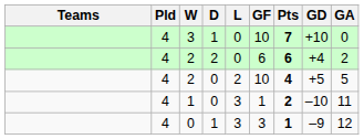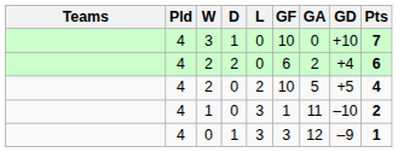 <table class="wikitable" style="text-align: center;">
 <tr>
 <th width=165>Teams</th>
 <th width=20>Pld</th>
 <th width=20>W</th>
 <th width=20>D</th>
 <th width=20>L</th>
 <th width=20>GF</th>
+<th width=20>GA</th>
+<th width=20>GD</th>
 <th width=20>Pts</th>
-<th width=20>GD</th>
-<th width=20>GA</th>
 </tr>
 <tr align=center style="background:#ccffcc;">
 <td style="text-align:left;"></td>
 <td>4</td>
 <td>3</td>
 <td>1</td>
 <td>0</td>
 <td>10</td>
+<td>0</td>
+<td>+10</td>
 <td><strong>7</strong></td>
-<td>+10</td>
-<td>0</td>
 </tr>
 <tr align=center style="background:#ccffcc;">
 <td style="text-align:left;"></td>
 <td>4</td>
 <td>2</td>
 <td>2</td>
 <td>0</td>
 <td>6</td>
+<td>2</td>
+<td>+4</td>
 <td><strong>6</strong></td>
-<td>+4</td>
-<td>2</td>
 </tr>
 <tr align=center>
 <td style="text-align:left;"></td>
 <td>4</td>
 <td>2</td>
 <td>0</td>
 <td>2</td>
 <td>10</td>
+<td>5</td>
+<td>+5</td>
 <td><strong>4</strong></td>
-<td>+5</td>
-<td>5</td>
 </tr>
 <tr align=center>
 <td style="text-align:left;"></td>
 <td>4</td>
 <td>1</td>
 <td>0</td>
 <td>3</td>
 <td>1</td>
+<td>11</td>
+<td>–10</td>
 <td><strong>2</strong></td>
-<td>–10</td>
-<td>11</td>
 </tr>
 <tr align=center>
 <td style="text-align:left;"></td>
 <td>4</td>
 <td>0</td>
 <td>1</td>
 <td>3</td>
 <td>3</td>
+<td>12</td>
+<td>–9</td>
 <td><strong>1</strong></td>
-<td>–9</td>
-<td>12</td>
 </tr>
 </table>
